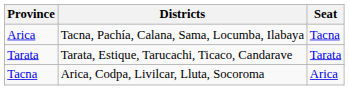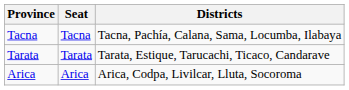 <table class="sortable wikitable">
 <tr>
 <th>Province</th>
+<th>Seat</th>
 <th>Districts</th>
-<th>Seat</th>
+</tr>
+<tr>
+<td><a href='#'>Tacna</a></td>
+<td><a href='#'>Tacna</a></td>
+<td>Tacna, Pachía, Calana, Sama, Locumba, Ilabaya</td>
+</tr>
+<tr>
+<td><a href='#'>Tarata</a></td>
+<td><a href='#'>Tarata</a></td>
+<td>Tarata, Estique, Tarucachi, Ticaco, Candarave</td>
 </tr>
 <tr>
 <td><a href='#'>Arica</a></td>
-<td>Tacna, Pachía, Calana, Sama, Locumba, Ilabaya</td>
-<td><a href='#'>Tacna</a></td>
-</tr>
-<tr>
-<td><a href='#'>Tarata</a></td>
-<td>Tarata, Estique, Tarucachi, Ticaco, Candarave</td>
-<td><a href='#'>Tarata</a></td>
-</tr>
-<tr>
-<td><a href='#'>Tacna</a></td>
+<td><a href='#'>Arica</a></td>
 <td>Arica, Codpa, Livilcar, Lluta, Socoroma</td>
-<td><a href='#'>Arica</a></td>
 </tr>
 </table>
